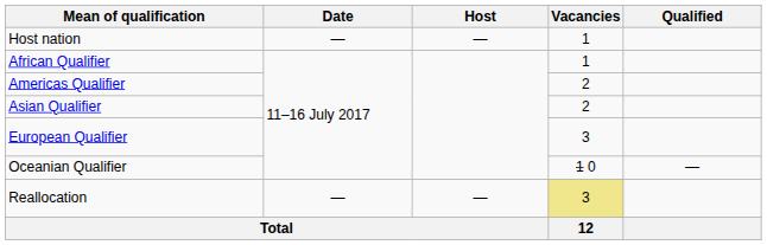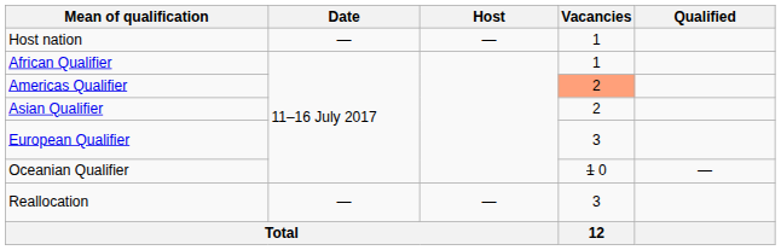 <table class="wikitable" width=850>
 <tr>
 <th width=36%>Mean of qualification</th>
 <th width=21%>Date</th>
 <th width=19%>Host</th>
 <th width=5%>Vacancies</th>
 <th width=19%>Qualified</th>
 </tr>
 <tr>
 <td>Host nation</td>
 <td style="text-align:center;">—</td>
 <td style="text-align:center;">—</td>
 <td style="text-align:center;">1</td>
 <td></td>
 </tr>
 <tr>
 <td><a href='#'>African Qualifier</a></td>
 <td rowspan=5>11–16 July 2017</td>
 <td rowspan=5></td>
 <td style="text-align:center;">1</td>
 <td></td>
 </tr>
 <tr>
 <td><a href='#'>Americas Qualifier</a></td>
-<td style="text-align:center;">2</td>
+<td style="background: lightsalmon; text-align:center;">2</td>
 <td> <br> </td>
 </tr>
 <tr>
 <td><a href='#'>Asian Qualifier</a></td>
 <td style="text-align:center;">2</td>
 <td><br> </td>
 </tr>
 <tr>
 <td><a href='#'>European Qualifier</a></td>
 <td style="text-align:center;">3</td>
 <td><br><br></td>
 </tr>
 <tr>
 <td>Oceanian Qualifier</td>
 <td style="text-align:center;"><s>1</s> 0</td>
 <td style="text-align:center;">—</td>
 </tr>
 <tr>
 <td>Reallocation</td>
 <td style="text-align:center;">—</td>
 <td style="text-align:center;">—</td>
-<td style="background: khaki; text-align:center;">3</td>
+<td style="text-align:center;">3</td>
 <td><br><br></td>
 </tr>
 <tr>
 <th colspan="3">Total</th>
 <th>12</th>
 <th></th>
 </tr>
 </table>
